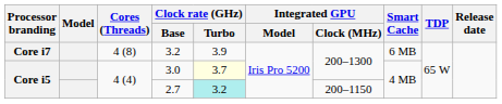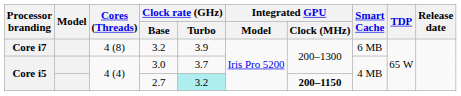 <table class="wikitable sortable nowrap" style="text-align: center;">
 <tr>
 <th class="unsortable" rowspan="2">Processor<br>branding</th>
 <th rowspan="2">Model</th>
 <th class="unsortable" rowspan="2"><a href='#'>Cores</a><br>(<a href='#'>Threads</a>)</th>
 <th colspan="2"><a href='#'>Clock rate</a> (GHz)</th>
 <th colspan="2">Integrated <a href='#'>GPU</a></th>
 <th class="unsortable" rowspan="2"><a href='#'>Smart<br>Cache</a></th>
 <th rowspan="2"><a href='#'>TDP</a></th>
 <th rowspan="2">Release<br>date</th>
 </tr>
 <tr>
 <th class="unsortable">Base</th>
 <th class="unsortable">Turbo</th>
 <th class="unsortable">Model</th>
 <th class="unsortable">Clock (MHz)</th>
 </tr>
 <tr>
 <th>Core i7</th>
 <th style="text-align:left;" data-sort-value="sku3"></th>
 <td>4 (8)</td>
 <td>3.2</td>
 <td>3.9</td>
 <td rowspan=3><a href='#'>Iris Pro 5200</a></td>
 <td rowspan=2>200–1300</td>
 <td>6 MB</td>
 <td rowspan=3>65 W</td>
 <td rowspan=3></td>
 </tr>
 <tr>
 <th rowspan=2>Core i5</th>
 <th style="text-align:left;" data-sort-value="sku2"></th>
 <td rowspan=2>4 (4)</td>
 <td>3.0</td>
-<td style="background: lightyellow;">3.7</td>
+<td>3.7</td>
 <td rowspan=2>4 MB</td>
 </tr>
 <tr>
 <th style="text-align:left;" data-sort-value="sku1"></th>
 <td>2.7</td>
 <td style="background: paleturquoise;">3.2</td>
-<td>200–1150</td>
+<td><strong>200–1150</strong></td>
 </tr>
 </table>
